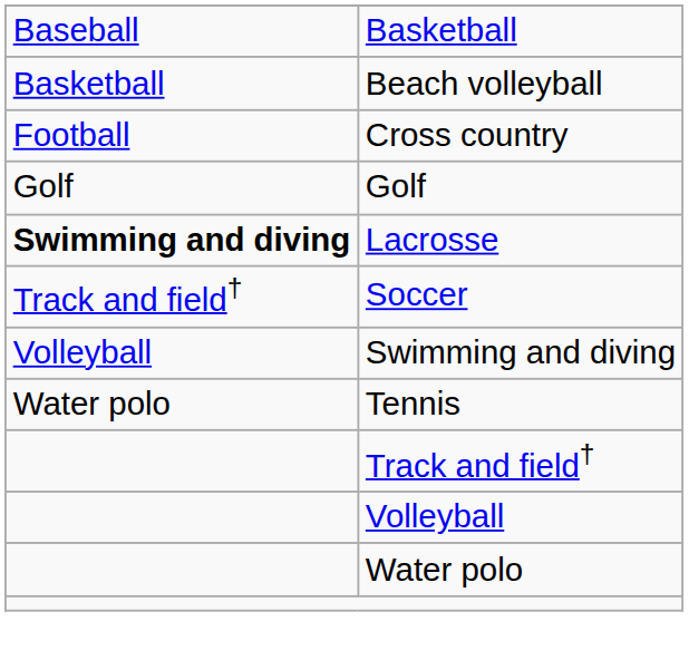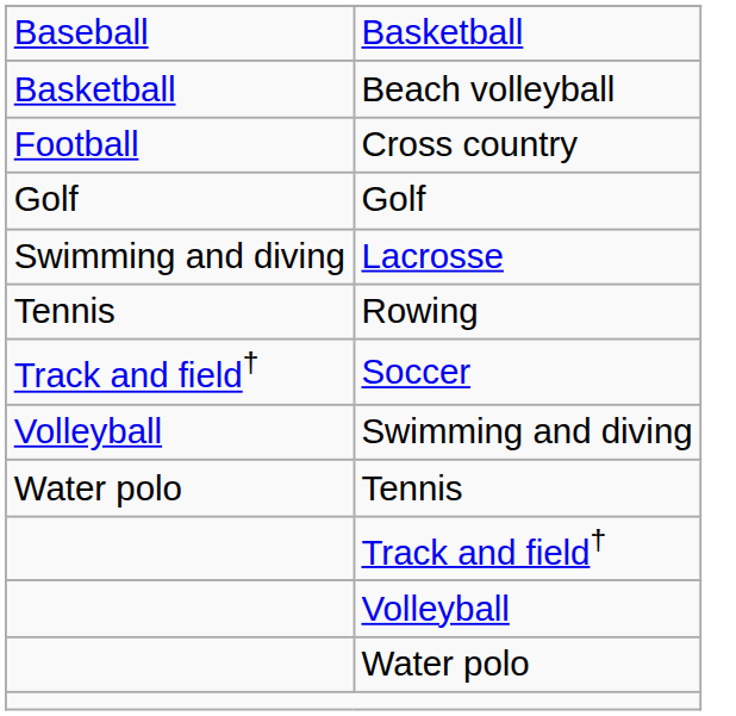 <table class="wikitable" style=" ">
 <tr>
 </tr>
 <tr>
 <td><a href='#'>Baseball</a></td>
 <td><a href='#'>Basketball</a></td>
 </tr>
 <tr>
 <td><a href='#'>Basketball</a></td>
 <td>Beach volleyball</td>
 </tr>
 <tr>
 <td><a href='#'>Football</a></td>
 <td>Cross country</td>
 </tr>
 <tr>
 <td>Golf</td>
 <td>Golf</td>
 </tr>
 <tr>
-<td><strong>Swimming and diving</strong></td>
+<td>Swimming and diving</td>
 <td><a href='#'>Lacrosse</a></td>
+</tr>
+<tr>
+<td>Tennis</td>
+<td>Rowing</td>
 </tr>
 <tr>
 <td><a href='#'>Track and field</a><sup>†</sup></td>
 <td><a href='#'>Soccer</a></td>
 </tr>
 <tr>
 <td><a href='#'>Volleyball</a></td>
 <td>Swimming and diving</td>
 </tr>
 <tr>
 <td>Water polo</td>
 <td>Tennis</td>
 </tr>
 <tr>
 <td></td>
 <td><a href='#'>Track and field</a><sup>†</sup></td>
 </tr>
 <tr>
 <td></td>
 <td><a href='#'>Volleyball</a></td>
 </tr>
 <tr>
 <td></td>
 <td>Water polo</td>
 </tr>
 <tr>
 <td colspan="2"></td>
 </tr>
 </table>
